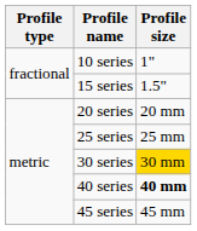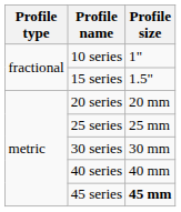 <table class="wikitable">
 <tr>
 <th>Profile<br>type</th>
 <th>Profile<br>name</th>
 <th>Profile<br>size</th>
 </tr>
 <tr>
 <td rowspan=2>fractional</td>
 <td>10 series</td>
 <td>1"</td>
 </tr>
 <tr>
 <td>15 series</td>
 <td>1.5"</td>
 </tr>
 <tr>
 <td rowspan=5>metric</td>
 <td>20 series</td>
 <td>20 mm</td>
 </tr>
 <tr>
 <td>25 series</td>
 <td>25 mm</td>
 </tr>
 <tr>
 <td>30 series</td>
-<td style="background: gold;">30 mm</td>
+<td>30 mm</td>
 </tr>
 <tr>
 <td>40 series</td>
-<td><strong>40 mm</strong></td>
+<td>40 mm</td>
 </tr>
 <tr>
 <td>45 series</td>
-<td>45 mm</td>
+<td><strong>45 mm</strong></td>
 </tr>
 </table>
